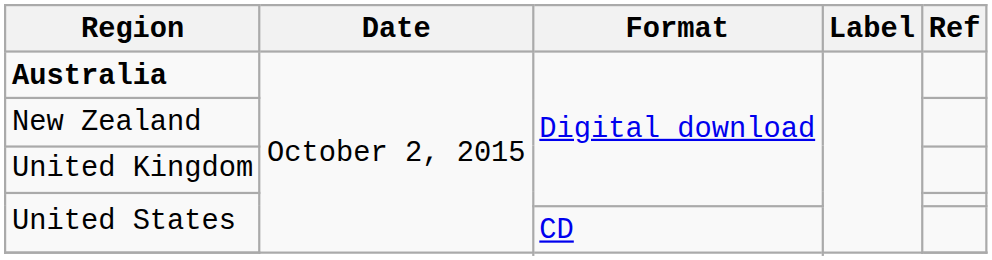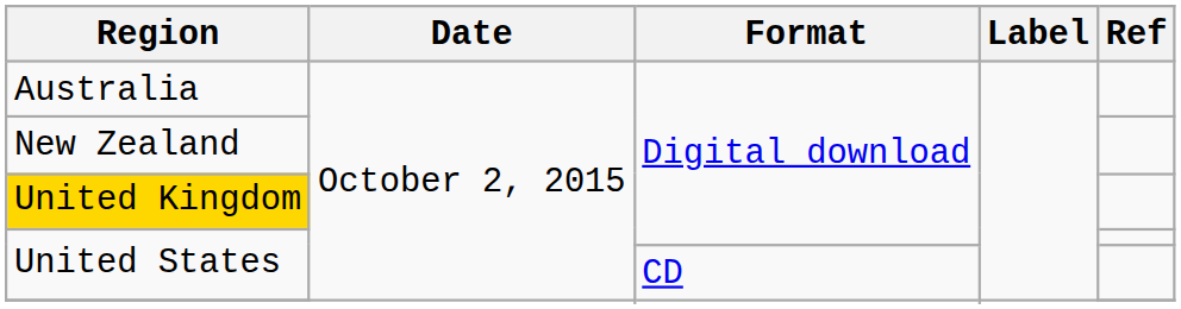 <table class="wikitable plainrowheaders">
 <tr>
 <th scope="col">Region</th>
 <th scope="col">Date</th>
 <th scope="col">Format</th>
 <th scope="col">Label</th>
 <th scope="col">Ref</th>
 </tr>
 <tr>
-<td scope="row"><strong>Australia</strong></td>
+<td scope="row">Australia</td>
 <td rowspan="6">October 2, 2015</td>
 <td rowspan="4"><a href='#'>Digital download</a></td>
 <td rowspan="8"></td>
 <td style="text-align:center;"></td>
 </tr>
 <tr>
 <td scope="row">New Zealand</td>
 <td style="text-align:center;"></td>
 </tr>
 <tr>
-<td scope="row">United Kingdom</td>
+<td scope="row" style="background: gold;">United Kingdom</td>
 <td style="text-align:center;"></td>
 </tr>
 <tr>
 <td rowspan="2">United States</td>
 <td style="text-align:center;"></td>
 </tr>
 <tr>
 <td rowspan="2"><a href='#'>CD</a></td>
 <td style="text-align:center;"></td>
 </tr>
 <tr>
 </tr>
 </table>
